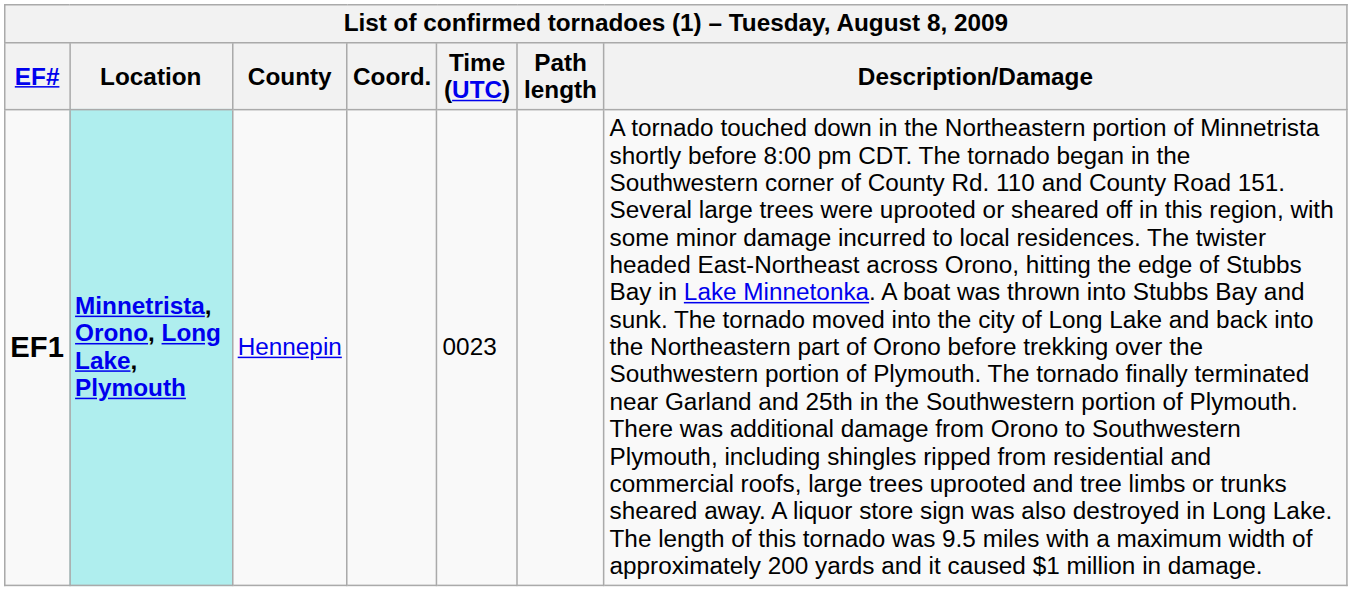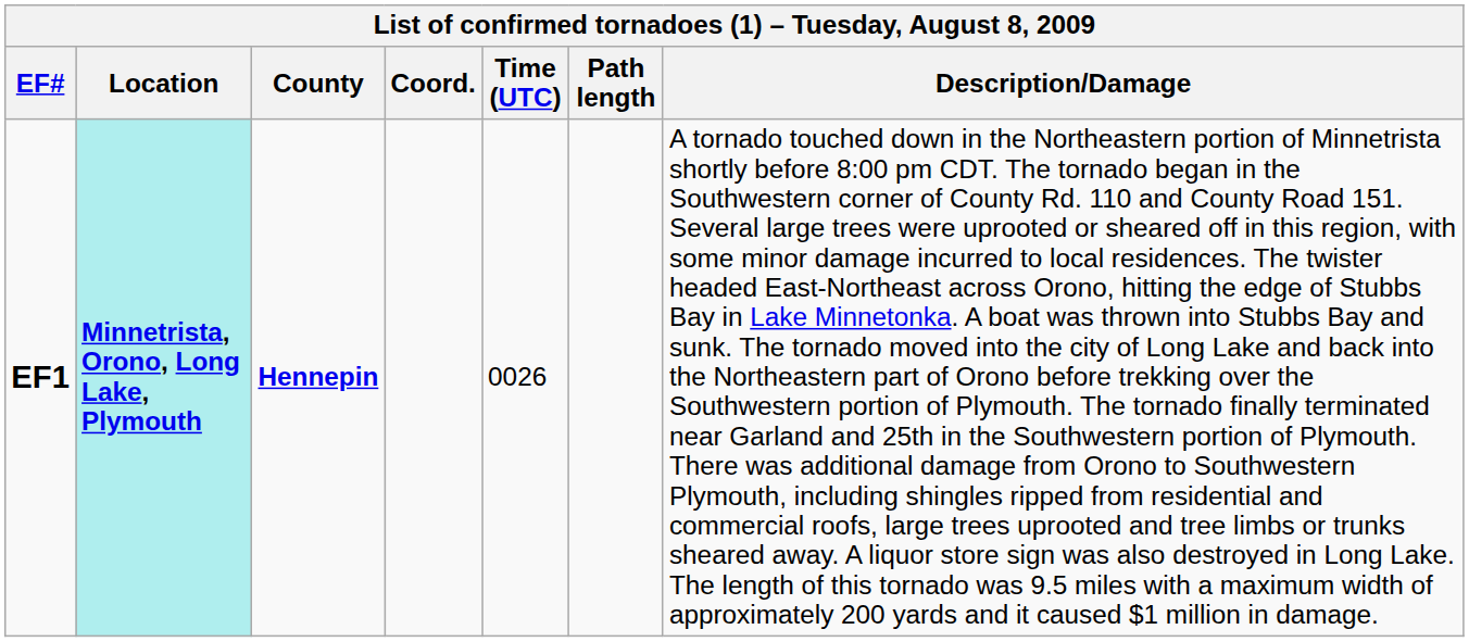 <table class="wikitable collapsible" width="100%">
 <tr>
 <th colspan="7">List of confirmed tornadoes (1) – Tuesday, August 8, 2009</th>
 </tr>
 <tr>
 <th><a href='#'>EF#</a></th>
 <th>Location</th>
 <th>County</th>
 <th>Coord.</th>
 <th>Time (<a href='#'>UTC</a>)</th>
 <th>Path length</th>
 <th>Description/Damage</th>
 </tr>
 <tr>
 <td><big><strong>EF1</strong></big></td>
 <td style="background: paleturquoise;"><strong><a href='#'>Minnetrista</a>, <a href='#'>Orono</a>, <a href='#'>Long Lake</a>, <a href='#'>Plymouth</a></strong></td>
-<td><a href='#'>Hennepin</a></td>
+<td><strong><a href='#'>Hennepin</a></strong></td>
 <td></td>
-<td>0023</td>
+<td>0026</td>
 <td></td>
 <td>A tornado touched down in the Northeastern portion of Minnetrista shortly before 8:00 pm CDT. The tornado began in the Southwestern corner of County Rd. 110 and County Road 151. Several large trees were uprooted or sheared off in this region, with some minor damage incurred to local residences. The twister headed East-Northeast across Orono, hitting the edge of Stubbs Bay in <a href='#'>Lake Minnetonka</a>. A boat was thrown into Stubbs Bay and sunk. The tornado moved into the city of Long Lake and back into the Northeastern part of Orono before trekking over the Southwestern portion of Plymouth. The tornado finally terminated near Garland and 25th in the Southwestern portion of Plymouth. There was additional damage from Orono to Southwestern Plymouth, including shingles ripped from residential and commercial roofs, large trees uprooted and tree limbs or trunks sheared away. A liquor store sign was also destroyed in Long Lake. The length of this tornado was 9.5 miles with a maximum width of approximately 200 yards and it caused $1 million in damage.</td>
 </tr>
 </table>
